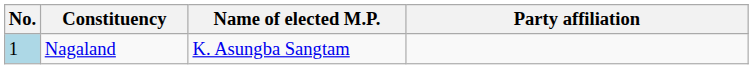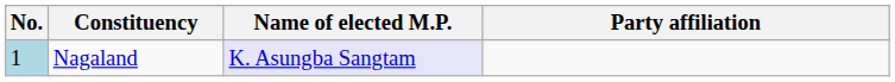 <table class="wikitable">
 <tr style="background:#ccc; text-align:center;">
 <th>No.</th>
 <th style="width:120px">Constituency</th>
 <th style="width:180px">Name of elected M.P.</th>
 <th colspan="2" style="width:18em">Party affiliation</th>
 </tr>
 <tr>
 <td style="background: lightblue;">1</td>
 <td><a href='#'>Nagaland</a></td>
-<td><a href='#'>K. Asungba Sangtam</a></td>
+<td style="background: lavender;"><a href='#'>K. Asungba Sangtam</a></td>
 <td></td>
 </tr>
 </table>
